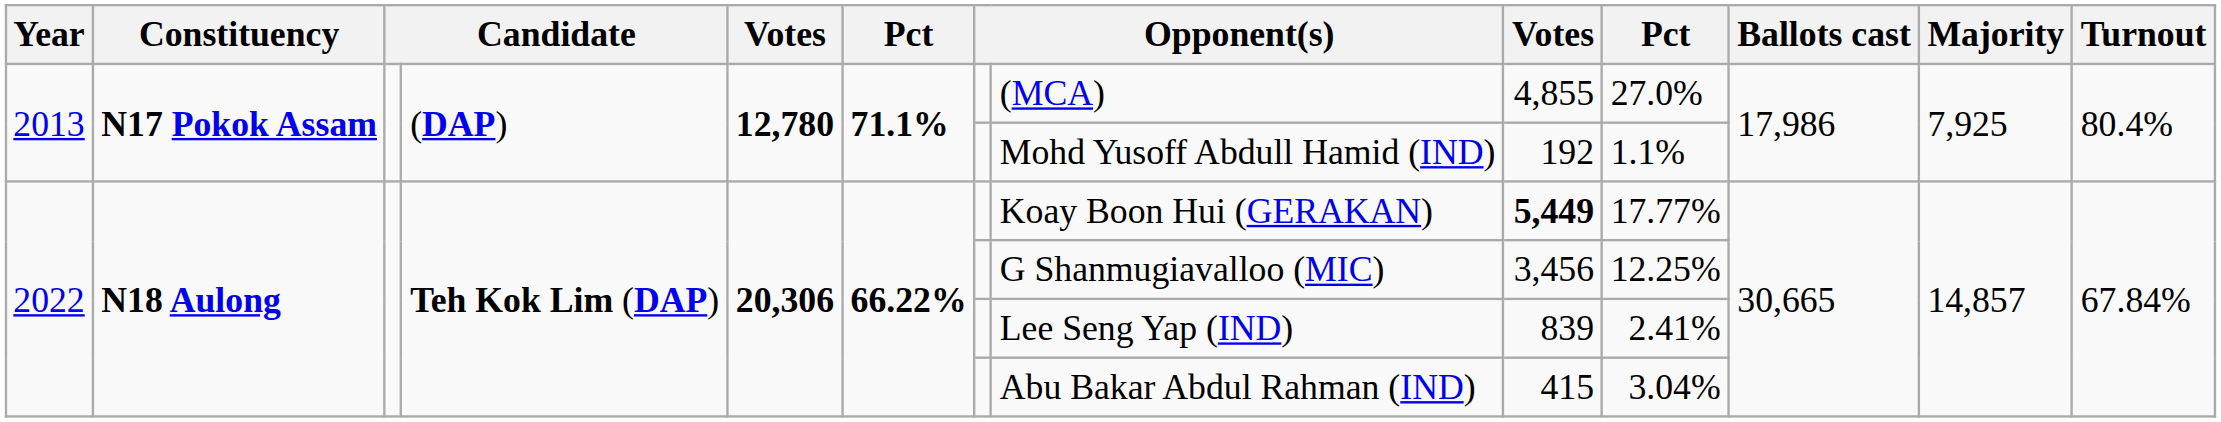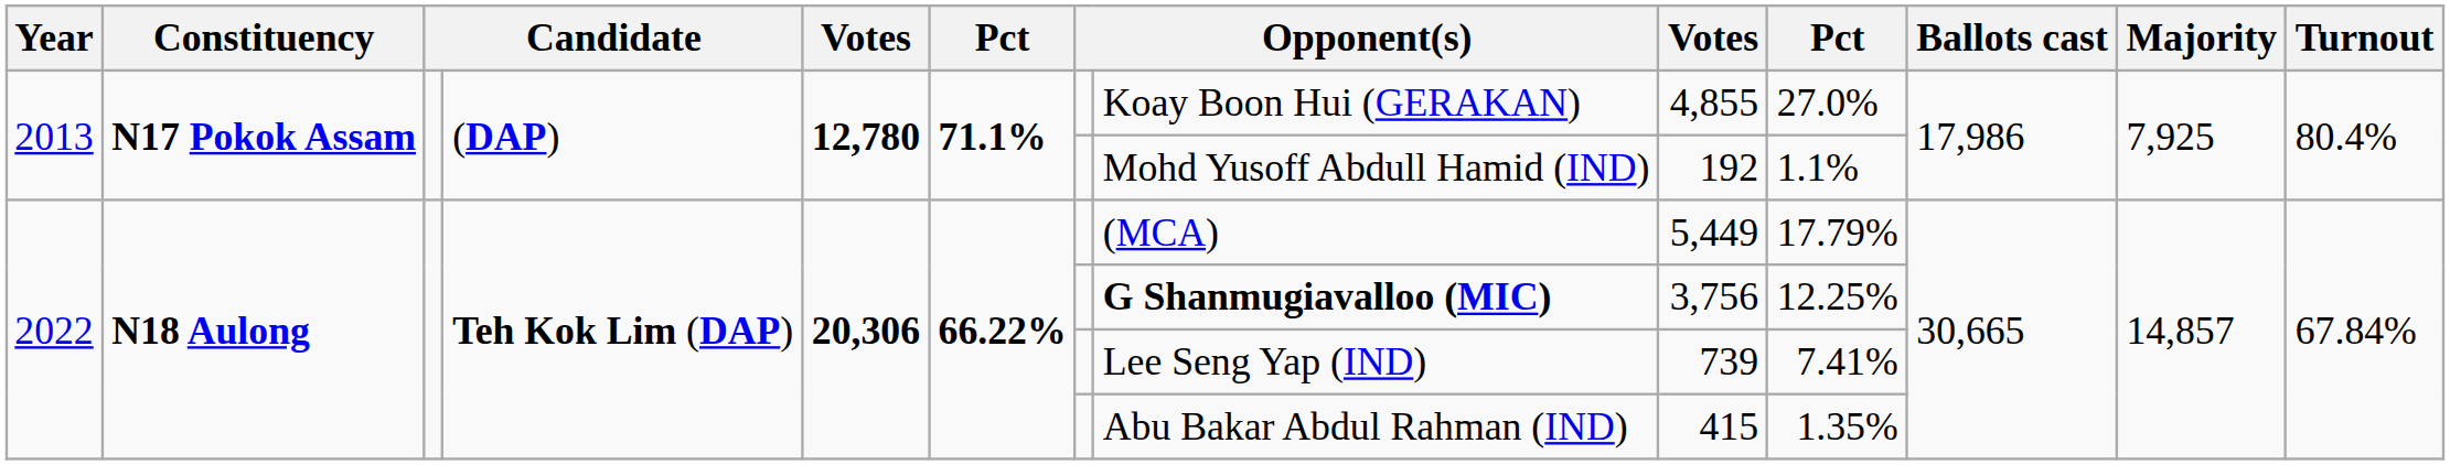 <table class="wikitable" style="margin:0.5em ; font-size:95%">
 <tr>
 <th>Year</th>
 <th>Constituency</th>
 <th colspan=2>Candidate</th>
 <th>Votes</th>
 <th>Pct</th>
 <th colspan=2>Opponent(s)</th>
 <th>Votes</th>
 <th>Pct</th>
 <th>Ballots cast</th>
 <th>Majority</th>
 <th>Turnout</th>
 </tr>
 <tr>
 <td rowspan=2><a href='#'>2013</a></td>
 <td rowspan="2"><strong>N17 <a href='#'>Pokok Assam</a></strong></td>
 <td rowspan=2 ></td>
 <td rowspan="2"> (<a href='#'><strong>DAP</strong></a>)</td>
 <td rowspan="2" align="right"><strong>12,780</strong></td>
 <td rowspan="2"><strong>71.1%</strong></td>
 <td></td>
-<td> (<a href='#'>MCA</a>)</td>
+<td>Koay Boon Hui (<a href='#'>GERAKAN</a>)</td>
 <td align="right">4,855</td>
 <td>27.0%</td>
 <td rowspan="2">17,986</td>
 <td rowspan="2">7,925</td>
 <td rowspan="2">80.4%</td>
 </tr>
 <tr>
 <td></td>
 <td>Mohd Yusoff Abdull Hamid (<a href='#'>IND</a>)</td>
 <td align="right">192</td>
 <td>1.1%</td>
 </tr>
 <tr>
 <td rowspan="4"><a href='#'>2022</a></td>
 <td rowspan="4"><strong>N18 <a href='#'>Aulong</a></strong></td>
 <td rowspan="4" ></td>
 <td rowspan="4"><strong>Teh Kok Lim</strong> (<a href='#'><strong>DAP</strong></a>)</td>
 <td rowspan="4" align=right><strong>20,306</strong></td>
 <td rowspan="4"><strong>66.22%</strong></td>
 <td></td>
-<td>Koay Boon Hui (<a href='#'>GERAKAN</a>)</td>
-<td align=right><strong>5,449</strong></td>
-<td>17.77%</td>
+<td> (<a href='#'>MCA</a>)</td>
+<td align=right>5,449</td>
+<td>17.79%</td>
 <td rowspan="4">30,665</td>
 <td rowspan="4">14,857</td>
 <td rowspan="4">67.84%</td>
 </tr>
 <tr>
 <td></td>
-<td>G Shanmugiavalloo (<a href='#'>MIC</a>)</td>
-<td align=right>3,456</td>
+<td><strong>G Shanmugiavalloo (<a href='#'>MIC</a>)</strong></td>
+<td align=right>3,756</td>
 <td>12.25%</td>
 </tr>
 <tr>
 <td></td>
 <td>Lee Seng Yap (<a href='#'>IND</a>)</td>
-<td align="right">839</td>
-<td align=right>2.41%</td>
+<td align="right">739</td>
+<td align=right>7.41%</td>
 </tr>
 <tr>
 <td></td>
 <td>Abu Bakar Abdul Rahman (<a href='#'>IND</a>)</td>
 <td align="right">415</td>
-<td align=right>3.04%</td>
+<td align=right>1.35%</td>
 </tr>
 </table>
